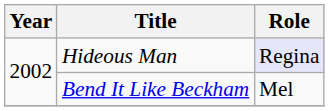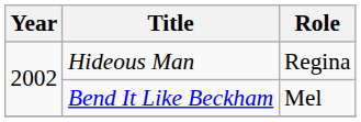 <table class="wikitable">
 <tr>
 <th>Year</th>
 <th>Title</th>
 <th>Role</th>
 </tr>
 <tr>
 <td rowspan=2>2002</td>
 <td><em>Hideous Man</em></td>
-<td style="background: lavender;">Regina</td>
+<td>Regina</td>
 </tr>
 <tr>
 <td><em><a href='#'>Bend It Like Beckham</a></em></td>
 <td>Mel</td>
 </tr>
 <tr>
 </tr>
 </table>
